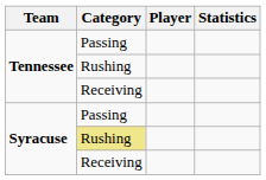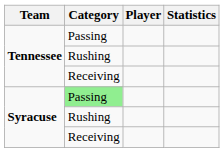 <table class="wikitable" style="float: right;">
 <tr>
 <th>Team</th>
 <th>Category</th>
 <th>Player</th>
 <th>Statistics</th>
 </tr>
 <tr>
 <td rowspan=3><strong>Tennessee</strong></td>
 <td>Passing</td>
 <td></td>
 <td></td>
 </tr>
 <tr>
 <td>Rushing</td>
 <td></td>
 <td></td>
 </tr>
 <tr>
 <td>Receiving</td>
 <td></td>
 <td></td>
 </tr>
 <tr>
 <td rowspan=3><strong>Syracuse</strong></td>
-<td>Passing</td>
+<td style="background: lightgreen;">Passing</td>
 <td></td>
 <td></td>
 </tr>
 <tr>
-<td style="background: khaki;">Rushing</td>
+<td>Rushing</td>
 <td></td>
 <td></td>
 </tr>
 <tr>
 <td>Receiving</td>
 <td></td>
 <td></td>
 </tr>
 </table>
